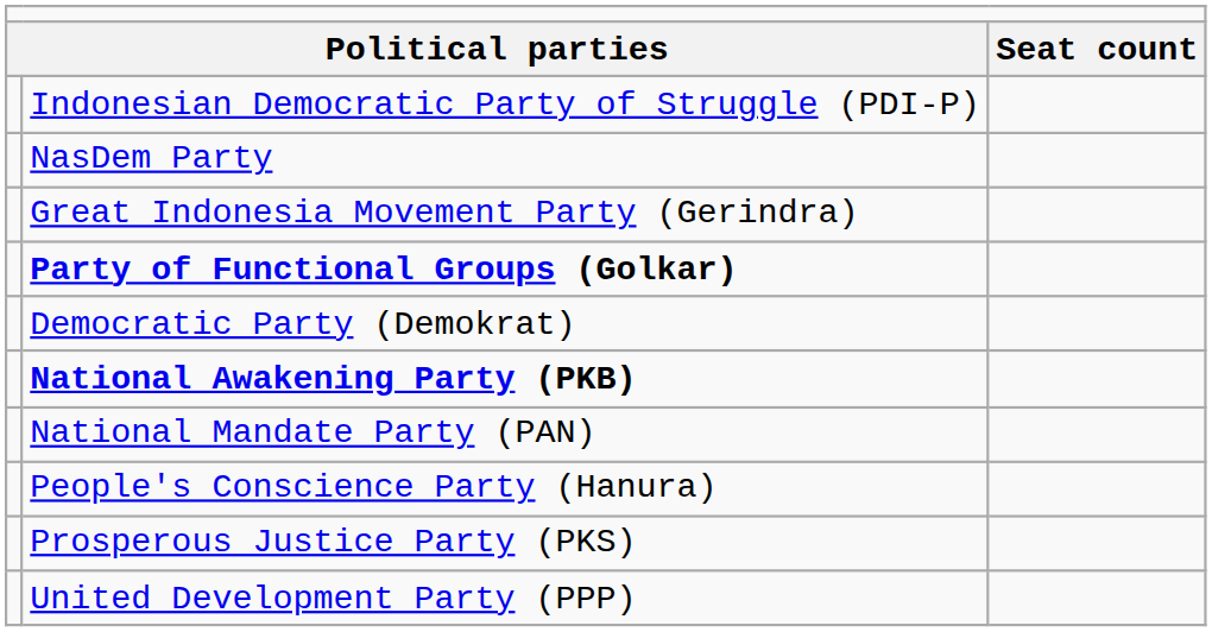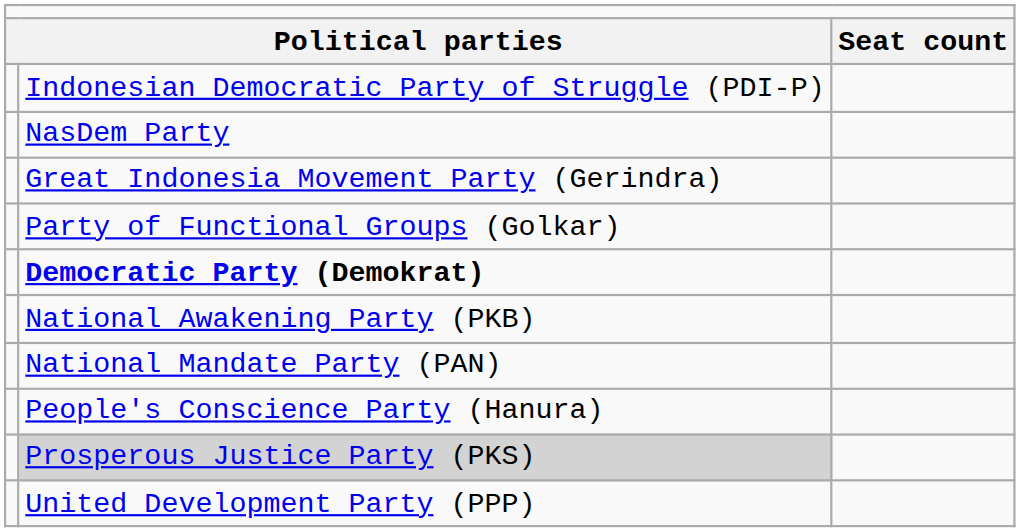 <table class="wikitable">
 <tr>
 <td colspan="4"></td>
 </tr>
 <tr>
 <th colspan="2">Political parties</th>
 <th>Seat count</th>
 </tr>
 <tr>
 <td bgcolor=></td>
 <td><a href='#'>Indonesian Democratic Party of Struggle</a> (PDI-P)</td>
 <td></td>
 </tr>
 <tr>
 <td bgcolor=></td>
 <td><a href='#'>NasDem Party</a></td>
 <td></td>
 </tr>
 <tr>
 <td bgcolor=></td>
 <td><a href='#'>Great Indonesia Movement Party</a> (Gerindra)</td>
 <td></td>
 </tr>
 <tr>
 <td bgcolor=></td>
-<td><strong><a href='#'>Party of Functional Groups</a> (Golkar)</strong></td>
+<td><a href='#'>Party of Functional Groups</a> (Golkar)</td>
 <td></td>
 </tr>
 <tr>
 <td bgcolor=></td>
-<td><a href='#'>Democratic Party</a> (Demokrat)</td>
+<td><strong><a href='#'>Democratic Party</a> (Demokrat)</strong></td>
 <td></td>
 </tr>
 <tr>
 <td bgcolor=></td>
-<td><strong><a href='#'>National Awakening Party</a> (PKB)</strong></td>
+<td><a href='#'>National Awakening Party</a> (PKB)</td>
 <td></td>
 </tr>
 <tr>
 <td bgcolor=></td>
 <td><a href='#'>National Mandate Party</a> (PAN)</td>
 <td></td>
 </tr>
 <tr>
 <td bgcolor=></td>
 <td><a href='#'>People's Conscience Party</a> (Hanura)</td>
 <td></td>
 </tr>
 <tr>
 <td bgcolor=></td>
-<td><a href='#'>Prosperous Justice Party</a> (PKS)</td>
+<td style="background: lightgrey;"><a href='#'>Prosperous Justice Party</a> (PKS)</td>
 <td></td>
 </tr>
 <tr>
 <td bgcolor=></td>
 <td><a href='#'>United Development Party</a> (PPP)</td>
 <td></td>
 </tr>
 </table>
